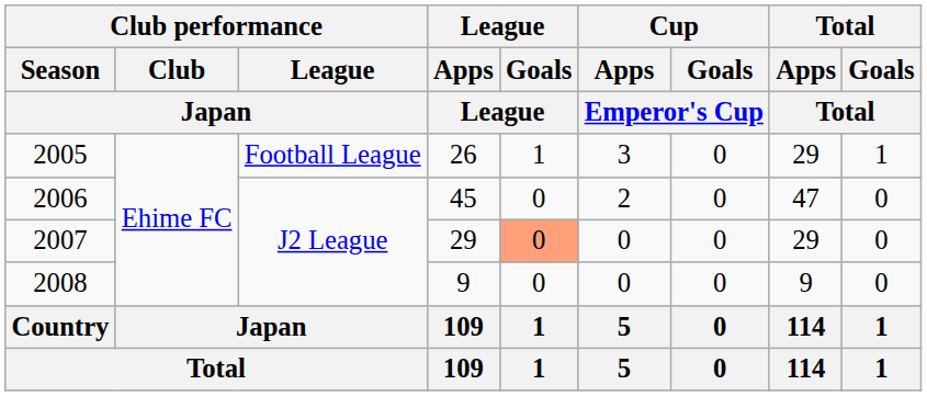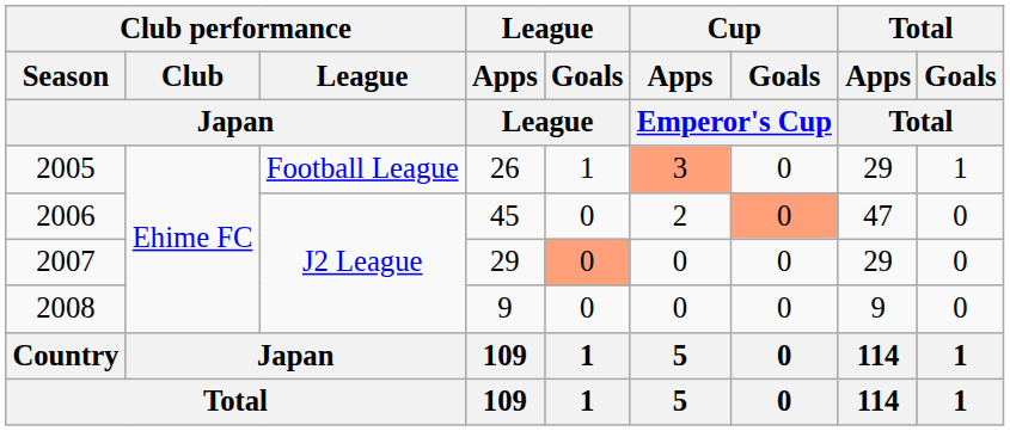 <table class="wikitable" style="text-align:center;">
 <tr>
 <th colspan=3>Club performance</th>
 <th colspan=2>League</th>
 <th colspan=2>Cup</th>
 <th colspan=2>Total</th>
 </tr>
 <tr>
 <th>Season</th>
 <th>Club</th>
 <th>League</th>
 <th>Apps</th>
 <th>Goals</th>
 <th>Apps</th>
 <th>Goals</th>
 <th>Apps</th>
 <th>Goals</th>
 </tr>
 <tr>
 <th colspan=3>Japan</th>
 <th colspan=2>League</th>
 <th colspan=2><a href='#'>Emperor's Cup</a></th>
 <th colspan=2>Total</th>
 </tr>
 <tr>
 <td>2005</td>
 <td rowspan="4"><a href='#'>Ehime FC</a></td>
 <td><a href='#'>Football League</a></td>
 <td>26</td>
 <td>1</td>
-<td>3</td>
+<td style="background: lightsalmon;">3</td>
 <td>0</td>
 <td>29</td>
 <td>1</td>
 </tr>
 <tr>
 <td>2006</td>
 <td rowspan="3"><a href='#'>J2 League</a></td>
 <td>45</td>
 <td>0</td>
 <td>2</td>
-<td>0</td>
+<td style="background: lightsalmon;">0</td>
 <td>47</td>
 <td>0</td>
 </tr>
 <tr>
 <td>2007</td>
 <td>29</td>
 <td style="background: lightsalmon;">0</td>
 <td>0</td>
 <td>0</td>
 <td>29</td>
 <td>0</td>
 </tr>
 <tr>
 <td>2008</td>
 <td>9</td>
 <td>0</td>
 <td>0</td>
 <td>0</td>
 <td>9</td>
 <td>0</td>
 </tr>
 <tr>
 <th rowspan=1>Country</th>
 <th colspan=2>Japan</th>
 <th>109</th>
 <th>1</th>
 <th>5</th>
 <th>0</th>
 <th>114</th>
 <th>1</th>
 </tr>
 <tr>
 <th colspan=3>Total</th>
 <th>109</th>
 <th>1</th>
 <th>5</th>
 <th>0</th>
 <th>114</th>
 <th>1</th>
 </tr>
 </table>
